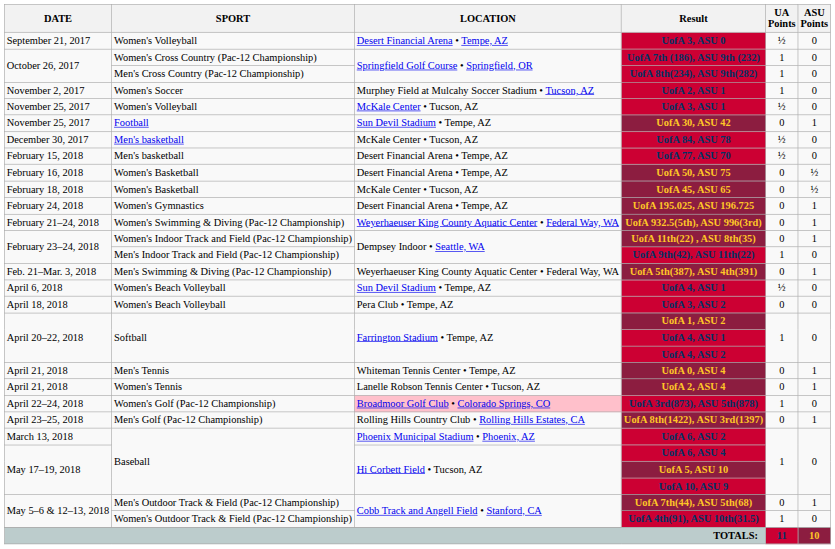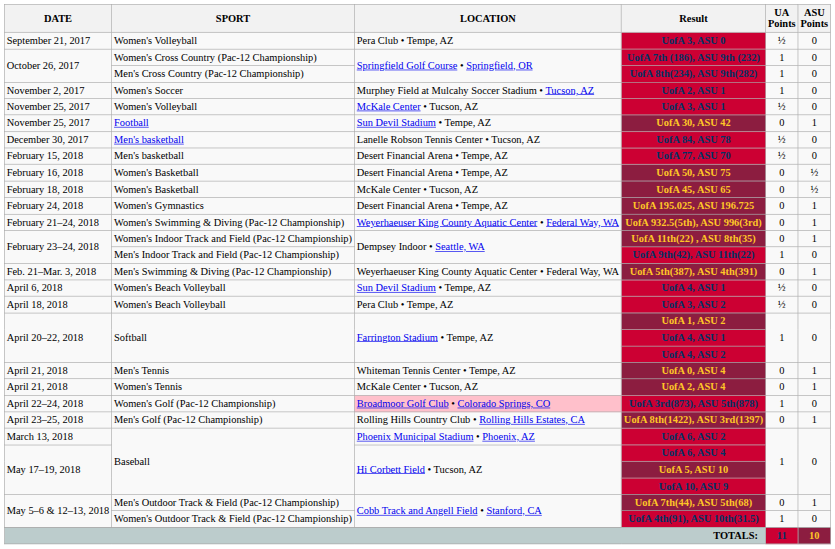 <table class=wikitable>
 <tr>
 <th>DATE</th>
 <th>SPORT</th>
 <th>LOCATION</th>
 <th>Result</th>
 <th>UA<br>Points</th>
 <th>ASU<br>Points</th>
 </tr>
 <tr>
 <td>September 21, 2017</td>
 <td>Women's Volleyball</td>
-<td><a href='#'>Desert Financial Arena</a> • <a href='#'>Tempe, AZ</a></td>
+<td>Pera Club • Tempe, AZ</td>
 <th style="background:#CC0033; color:#003366;">UofA 3, ASU 0</th>
 <td align="center">½</td>
 <td align="center">0</td>
 </tr>
 <tr>
 <td rowspan=2>October 26, 2017</td>
 <td>Women's Cross Country (Pac-12 Championship)</td>
 <td rowspan=2><a href='#'>Springfield Golf Course</a> • <a href='#'>Springfield, OR</a></td>
 <th style="background:#CC0033; color:#003366;">UofA 7th (186), ASU 9th (232)</th>
 <td align="center">1</td>
 <td align="center">0</td>
 </tr>
 <tr>
 <td>Men's Cross Country (Pac-12 Championship)</td>
 <th style="background:#CC0033; color:#003366;">UofA 8th(234), ASU 9th(282)</th>
 <td align="center">1</td>
 <td align="center">0</td>
 </tr>
 <tr>
 <td>November 2, 2017</td>
 <td>Women's Soccer</td>
 <td>Murphey Field at Mulcahy Soccer Stadium • <a href='#'>Tucson, AZ</a></td>
 <th style="background:#CC0033; color:#003366;">UofA 2, ASU 1</th>
 <td align="center">1</td>
 <td align="center">0</td>
 </tr>
 <tr>
 <td>November 25, 2017</td>
 <td>Women's Volleyball</td>
 <td><a href='#'>McKale Center</a> • Tucson, AZ</td>
 <th style="background:#CC0033; color:#003366;">UofA 3, ASU 1</th>
 <td align="center">½</td>
 <td align="center">0</td>
 </tr>
 <tr>
 <td>November 25, 2017</td>
 <td><a href='#'>Football</a></td>
 <td><a href='#'>Sun Devil Stadium</a> • Tempe, AZ</td>
 <th style="background:#8C1D40; color:#FFC627;">UofA 30, ASU 42</th>
 <td align="center">0</td>
 <td align="center">1</td>
 </tr>
 <tr>
 <td>December 30, 2017</td>
 <td><a href='#'>Men's basketball</a></td>
-<td>McKale Center • Tucson, AZ</td>
+<td>Lanelle Robson Tennis Center • Tucson, AZ</td>
 <th style="background:#CC0033; color:#003366;">UofA 84, ASU 78</th>
 <td align="center">½</td>
 <td align="center">0</td>
 </tr>
 <tr>
 <td>February 15, 2018</td>
 <td>Men's basketball</td>
 <td>Desert Financial Arena • Tempe, AZ</td>
 <th style="background:#CC0033; color:#003366;">UofA 77, ASU 70</th>
 <td align="center">½</td>
 <td align="center">0</td>
 </tr>
 <tr>
 <td>February 16, 2018</td>
 <td>Women's Basketball</td>
 <td>Desert Financial Arena • Tempe, AZ</td>
 <th style="background:#8C1D40; color:#FFC627;">UofA 50, ASU 75</th>
 <td align="center">0</td>
 <td align="center">½</td>
 </tr>
 <tr>
 <td>February 18, 2018</td>
 <td>Women's Basketball</td>
 <td>McKale Center • Tucson, AZ</td>
 <th style="background:#8C1D40; color:#FFC627;">UofA 45, ASU 65</th>
 <td align="center">0</td>
 <td align="center">½</td>
 </tr>
 <tr>
 <td>February 24, 2018</td>
 <td>Women's Gymnastics</td>
 <td>Desert Financial Arena • Tempe, AZ</td>
 <th style="background:#8C1D40; color:#FFC627;">UofA 195.025, ASU 196.725</th>
 <td align="center">0</td>
 <td align="center">1</td>
 </tr>
 <tr>
 <td>February 21–24, 2018</td>
 <td>Women's Swimming & Diving (Pac-12 Championship)</td>
 <td><a href='#'>Weyerhaeuser King County Aquatic Center</a> • <a href='#'>Federal Way, WA</a></td>
 <th style="background:#8C1D40; color:#FFC627;">UofA 932.5(5th), ASU 996(3rd)</th>
 <td align="center">0</td>
 <td align="center">1</td>
 </tr>
 <tr>
 <td rowspan=2>February 23–24, 2018</td>
 <td>Women's Indoor Track and Field (Pac-12 Championship)</td>
 <td rowspan=2>Dempsey Indoor • <a href='#'>Seattle, WA</a></td>
 <th style="background:#8C1D40; color:#FFC627;">UofA 11th(22) , ASU 8th(35)</th>
 <td align="center">0</td>
 <td align="center">1</td>
 </tr>
 <tr>
 <td>Men's Indoor Track and Field (Pac-12 Championship)</td>
 <th style="background:#CC0033; color:#003366;">UofA 9th(42), ASU 11th(22)</th>
 <td align="center">1</td>
 <td align="center">0</td>
 </tr>
 <tr>
 <td>Feb. 21–Mar. 3, 2018</td>
 <td>Men's Swimming & Diving (Pac-12 Championship)</td>
 <td>Weyerhaeuser King County Aquatic Center • Federal Way, WA</td>
 <th style="background:#8C1D40; color:#FFC627;">UofA 5th(387), ASU 4th(391)</th>
 <td align="center">0</td>
 <td align="center">1</td>
 </tr>
 <tr>
 <td>April 6, 2018</td>
 <td>Women's Beach Volleyball</td>
 <td><a href='#'>Sun Devil Stadium</a> • Tempe, AZ</td>
 <th style="background:#CC0033; color:#003366;">UofA 4, ASU 1</th>
 <td align="center">½</td>
 <td align="center">0</td>
 </tr>
 <tr>
 <td>April 18, 2018</td>
 <td>Women's Beach Volleyball</td>
 <td>Pera Club • Tempe, AZ</td>
 <th style="background:#CC0033; color:#003366;">UofA 3, ASU 2</th>
-<td align="center">0</td>
+<td align="center">½</td>
 <td align="center">0</td>
 </tr>
 <tr>
 <td rowspan="3">April 20–22, 2018</td>
 <td rowspan="3">Softball</td>
 <td rowspan="3"><a href='#'>Farrington Stadium</a> • Tempe, AZ</td>
 <th style="background:#8C1D40; color:#FFC627;">UofA 1, ASU 2</th>
 <td rowspan="3" align="center">1</td>
 <td rowspan="3" align="center">0</td>
 </tr>
 <tr>
 <th style="background:#CC0033; color:#003366;">UofA 4, ASU 1</th>
 </tr>
 <tr>
 <th style="background:#CC0033; color:#003366;">UofA 4, ASU 2</th>
 </tr>
 <tr>
 <td>April 21, 2018</td>
 <td>Men's Tennis</td>
 <td>Whiteman Tennis Center • Tempe, AZ</td>
 <th style="background:#8C1D40; color:#FFC627;">UofA 0, ASU 4</th>
 <td align="center">0</td>
 <td align="center">1</td>
 </tr>
 <tr>
 <td>April 21, 2018</td>
 <td>Women's Tennis</td>
-<td>Lanelle Robson Tennis Center • Tucson, AZ</td>
+<td>McKale Center • Tucson, AZ</td>
 <th style="background:#8C1D40; color:#FFC627;">UofA 2, ASU 4</th>
 <td align="center">0</td>
 <td align="center">1</td>
 </tr>
 <tr>
 <td>April 22–24, 2018</td>
 <td>Women's Golf (Pac-12 Championship)</td>
 <td style="background: pink;"><a href='#'>Broadmoor Golf Club</a> • <a href='#'>Colorado Springs, CO</a></td>
 <th style="background:#CC0033; color:#003366;">UofA 3rd(873), ASU 5th(878)</th>
 <td align="center">1</td>
 <td align="center">0</td>
 </tr>
 <tr>
 <td>April 23–25, 2018</td>
 <td>Men's Golf (Pac-12 Championship)</td>
 <td>Rolling Hills Country Club • <a href='#'>Rolling Hills Estates, CA</a></td>
 <th style="background:#8C1D40; color:#FFC627;">UofA 8th(1422), ASU 3rd(1397)</th>
 <td align="center">0</td>
 <td align="center">1</td>
 </tr>
 <tr>
 <td>March 13, 2018</td>
 <td rowspan=4>Baseball</td>
 <td><a href='#'>Phoenix Municipal Stadium</a> • <a href='#'>Phoenix, AZ</a></td>
 <th style="background:#CC0033; color:#003366;">UofA 6, ASU 2</th>
 <td rowspan="4" align="center">1</td>
 <td rowspan="4" align="center">0</td>
 </tr>
 <tr>
 <td rowspan="3">May 17–19, 2018</td>
 <td rowspan=3><a href='#'>Hi Corbett Field</a> • Tucson, AZ</td>
 <th style="background:#CC0033; color:#003366;">UofA 6, ASU 4</th>
 </tr>
 <tr>
 <th style="background:#8C1D40; color:#FFC627;">UofA 5, ASU 10</th>
 </tr>
 <tr>
 <th style="background:#CC0033; color:#003366;">UofA 10, ASU 9</th>
 </tr>
 <tr>
 <td rowspan=2>May 5–6 & 12–13, 2018</td>
 <td>Men's Outdoor Track & Field (Pac-12 Championship)</td>
 <td rowspan=2><a href='#'>Cobb Track and Angell Field</a> • <a href='#'>Stanford, CA</a></td>
 <th style="background:#8C1D40; color:#FFC627;">UofA 7th(44), ASU 5th(68)</th>
 <td align="center">0</td>
 <td align="center">1</td>
 </tr>
 <tr>
 <td>Women's Outdoor Track & Field (Pac-12 Championship)</td>
 <th style="background:#CC0033; color:#003366;">UofA 4th(91), ASU 10th(31.5)</th>
 <td align="center">1</td>
 <td align="center">0</td>
 </tr>
 <tr>
 </tr>
 <tr style="background:#bccccc;">
 <td colspan="4" style="text-align:right;"><strong>TOTALS:</strong>  </td>
 <th style="background:#CC0033; color:#003366;">11</th>
 <th style="background:#8C1D40; color:#FFC627;">10</th>
 </tr>
 </table>
